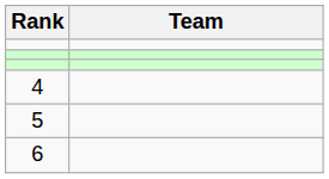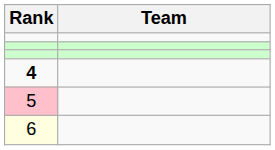 <table class="wikitable" style="text-align: center;">
 <tr>
 <th width=40>Rank</th>
 <th width=180>Team</th>
 </tr>
 <tr>
 <td></td>
 <td></td>
 </tr>
 <tr bgcolor=ccffcc>
 <td></td>
 <td></td>
 </tr>
 <tr bgcolor=ccffcc>
 <td></td>
 <td></td>
 </tr>
 <tr>
-<td>4</td>
+<td><strong>4</strong></td>
 <td></td>
 </tr>
 <tr>
-<td>5</td>
+<td style="background: pink;">5</td>
 <td></td>
 </tr>
 <tr>
-<td>6</td>
+<td style="background: lightyellow;">6</td>
 <td></td>
 </tr>
 </table>
